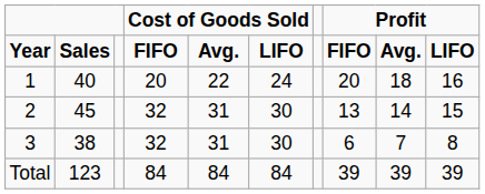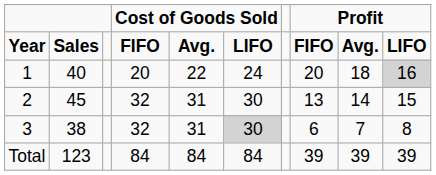 <table class="wikitable" style="text-align: center">
 <tr>
 <td colspan="3"></td>
 <td colspan="3"><strong>Cost of Goods Sold</strong></td>
 <td></td>
 <td colspan="3"><strong>Profit</strong></td>
 </tr>
 <tr>
 <td><strong>Year</strong></td>
 <td><strong>Sales</strong></td>
 <td></td>
 <td><strong>FIFO</strong></td>
 <td><strong>Avg.</strong></td>
 <td><strong>LIFO</strong></td>
 <td></td>
 <td><strong>FIFO</strong></td>
 <td><strong>Avg.</strong></td>
 <td><strong>LIFO</strong></td>
 </tr>
 <tr>
 <td>1</td>
 <td>40</td>
 <td></td>
 <td>20</td>
 <td>22</td>
 <td>24</td>
 <td></td>
 <td>20</td>
 <td>18</td>
-<td>16</td>
+<td style="background: lightgrey;">16</td>
 </tr>
 <tr>
 <td>2</td>
 <td>45</td>
 <td></td>
 <td>32</td>
 <td>31</td>
 <td>30</td>
 <td></td>
 <td>13</td>
 <td>14</td>
 <td>15</td>
 </tr>
 <tr>
 <td>3</td>
 <td>38</td>
 <td></td>
 <td>32</td>
 <td>31</td>
-<td>30</td>
+<td style="background: lightgrey;">30</td>
 <td></td>
 <td>6</td>
 <td>7</td>
 <td>8</td>
 </tr>
 <tr>
 <td>Total</td>
 <td>123</td>
 <td></td>
 <td>84</td>
 <td>84</td>
 <td>84</td>
 <td></td>
 <td>39</td>
 <td>39</td>
 <td>39</td>
 </tr>
 </table>
